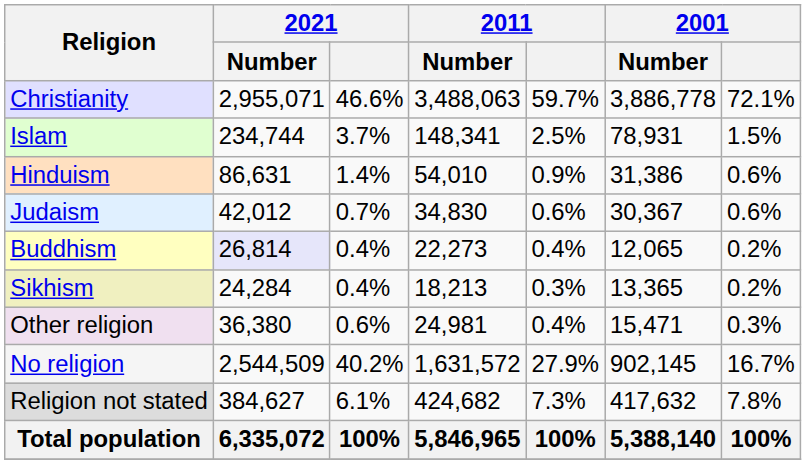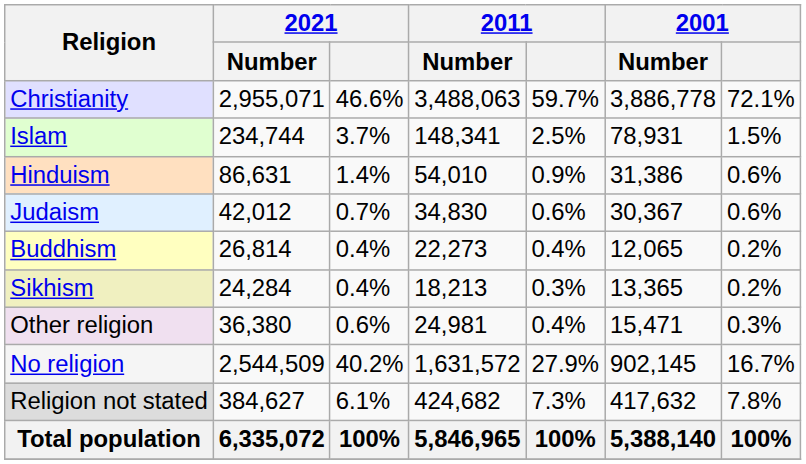 <table class="wikitable sortable">
 <tr>
 <th rowspan="2">Religion</th>
 <th colspan="2"><a href='#'>2021</a></th>
 <th colspan="2"><a href='#'>2011</a></th>
 <th colspan="2"><a href='#'>2001</a></th>
 </tr>
 <tr>
 <th>Number</th>
 <th></th>
 <th>Number</th>
 <th></th>
 <th>Number</th>
 <th></th>
 </tr>
 <tr>
 <td style="background:#E0E0FF;"><a href='#'>Christianity</a></td>
 <td>2,955,071</td>
 <td>46.6%</td>
 <td>3,488,063</td>
 <td>59.7%</td>
 <td>3,886,778</td>
 <td>72.1%</td>
 </tr>
 <tr>
 <td style="background:#E0FFD0;"><a href='#'>Islam</a></td>
 <td>234,744</td>
 <td>3.7%</td>
 <td>148,341</td>
 <td>2.5%</td>
 <td>78,931</td>
 <td>1.5%</td>
 </tr>
 <tr>
 <td style="background:#FFE0C0;"><a href='#'>Hinduism</a></td>
 <td>86,631</td>
 <td>1.4%</td>
 <td>54,010</td>
 <td>0.9%</td>
 <td>31,386</td>
 <td>0.6%</td>
 </tr>
 <tr>
 <td style="background:#E0F0FF;"><a href='#'>Judaism</a></td>
 <td>42,012</td>
 <td>0.7%</td>
 <td>34,830</td>
 <td>0.6%</td>
 <td>30,367</td>
 <td>0.6%</td>
 </tr>
 <tr>
 <td style="background:#FFFFC0;"><a href='#'>Buddhism</a></td>
-<td style="background: lavender;">26,814</td>
+<td>26,814</td>
 <td>0.4%</td>
 <td>22,273</td>
 <td>0.4%</td>
 <td>12,065</td>
 <td>0.2%</td>
 </tr>
 <tr>
 <td style="background:#F0F0C0;"><a href='#'>Sikhism</a></td>
 <td>24,284</td>
 <td>0.4%</td>
 <td>18,213</td>
 <td>0.3%</td>
 <td>13,365</td>
 <td>0.2%</td>
 </tr>
 <tr>
 <td style="background:#F0E0F0;">Other religion</td>
 <td>36,380</td>
 <td>0.6%</td>
 <td>24,981</td>
 <td>0.4%</td>
 <td>15,471</td>
 <td>0.3%</td>
 </tr>
 <tr>
 <td style="background:#F5F5F5;"><a href='#'>No religion</a></td>
 <td>2,544,509</td>
 <td>40.2%</td>
 <td>1,631,572</td>
 <td>27.9%</td>
 <td>902,145</td>
 <td>16.7%</td>
 </tr>
 <tr>
 <td style="background:#DCDCDC;">Religion not stated</td>
 <td>384,627</td>
 <td>6.1%</td>
 <td>424,682</td>
 <td>7.3%</td>
 <td>417,632</td>
 <td>7.8%</td>
 </tr>
 <tr>
 <th>Total population</th>
 <th><strong>6,335,072</strong></th>
 <th><strong>100%</strong></th>
 <th><strong>5,846,965</strong></th>
 <th><strong>100%</strong></th>
 <th><strong>5,388,140</strong></th>
 <th><strong>100%</strong></th>
 </tr>
 <tr>
 </tr>
 </table>
